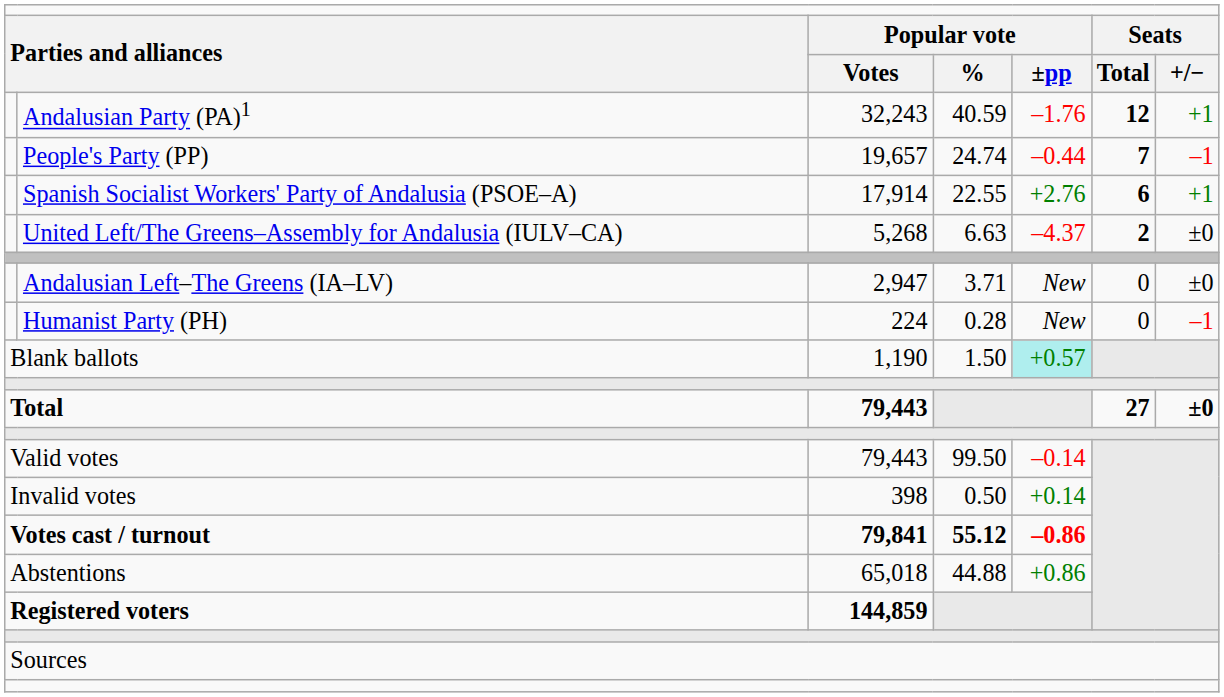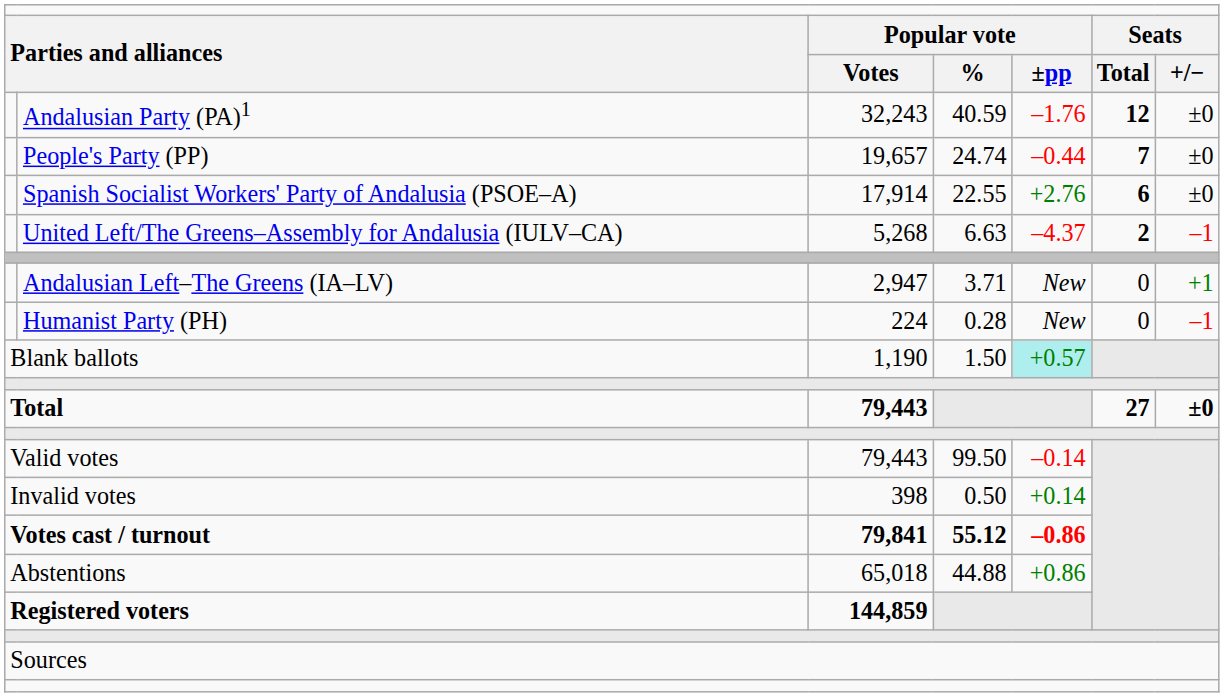 <table class="wikitable" style="text-align:right;">
 <tr>
 <td colspan="7"></td>
 </tr>
 <tr>
 <th style="text-align:left;" rowspan="2" colspan="2" width="525">Parties and alliances</th>
 <th colspan="3">Popular vote</th>
 <th colspan="2">Seats</th>
 </tr>
 <tr>
 <th width="75">Votes</th>
 <th width="45">%</th>
 <th width="45">±<a href='#'>pp</a></th>
 <th width="35">Total</th>
 <th width="35">+/−</th>
 </tr>
 <tr>
 <td width="1" style="color:inherit;background:"></td>
 <td align="left"><a href='#'>Andalusian Party</a> (PA)<sup>1</sup></td>
 <td>32,243</td>
 <td>40.59</td>
 <td style="color:red;">–1.76</td>
 <td><strong>12</strong></td>
-<td style="color:green;">+1</td>
+<td>±0</td>
 </tr>
 <tr>
 <td style="color:inherit;background:"></td>
 <td align="left"><a href='#'>People's Party</a> (PP)</td>
 <td>19,657</td>
 <td>24.74</td>
 <td style="color:red;">–0.44</td>
 <td><strong>7</strong></td>
-<td style="color:red;">–1</td>
+<td>±0</td>
 </tr>
 <tr>
 <td style="color:inherit;background:"></td>
 <td align="left"><a href='#'>Spanish Socialist Workers' Party of Andalusia</a> (PSOE–A)</td>
 <td>17,914</td>
 <td>22.55</td>
 <td style="color:green;">+2.76</td>
 <td><strong>6</strong></td>
-<td style="color:green;">+1</td>
+<td>±0</td>
 </tr>
 <tr>
 <td style="color:inherit;background:"></td>
 <td align="left"><a href='#'>United Left/The Greens–Assembly for Andalusia</a> (IULV–CA)</td>
 <td>5,268</td>
 <td>6.63</td>
 <td style="color:red;">–4.37</td>
 <td><strong>2</strong></td>
-<td>±0</td>
+<td style="color:red;">–1</td>
 </tr>
 <tr>
 <td colspan="7" bgcolor="#C0C0C0"></td>
 </tr>
 <tr>
 <td style="color:inherit;background:"></td>
 <td align="left"><a href='#'>Andalusian Left</a>–<a href='#'>The Greens</a> (IA–LV)</td>
 <td>2,947</td>
 <td>3.71</td>
 <td><em>New</em></td>
 <td>0</td>
-<td>±0</td>
+<td style="color:green;">+1</td>
 </tr>
 <tr>
 <td style="color:inherit;background:"></td>
 <td align="left"><a href='#'>Humanist Party</a> (PH)</td>
 <td>224</td>
 <td>0.28</td>
 <td><em>New</em></td>
 <td>0</td>
 <td style="color:red;">–1</td>
 </tr>
 <tr>
 <td align="left" colspan="2">Blank ballots</td>
 <td>1,190</td>
 <td>1.50</td>
 <td style="background: paleturquoise; color:green;">+0.57</td>
 <td bgcolor="#E9E9E9" colspan="2"></td>
 </tr>
 <tr>
 <td colspan="7" bgcolor="#E9E9E9"></td>
 </tr>
 <tr style="font-weight:bold;">
 <td align="left" colspan="2">Total</td>
 <td>79,443</td>
 <td bgcolor="#E9E9E9" colspan="2"></td>
 <td>27</td>
 <td>±0</td>
 </tr>
 <tr>
 <td colspan="7" bgcolor="#E9E9E9"></td>
 </tr>
 <tr>
 <td align="left" colspan="2">Valid votes</td>
 <td>79,443</td>
 <td>99.50</td>
 <td style="color:red;">–0.14</td>
 <td bgcolor="#E9E9E9" colspan="2" rowspan="5"></td>
 </tr>
 <tr>
 <td align="left" colspan="2">Invalid votes</td>
 <td>398</td>
 <td>0.50</td>
 <td style="color:green;">+0.14</td>
 </tr>
 <tr style="font-weight:bold;">
 <td align="left" colspan="2">Votes cast / turnout</td>
 <td>79,841</td>
 <td>55.12</td>
 <td style="color:red;">–0.86</td>
 </tr>
 <tr>
 <td align="left" colspan="2">Abstentions</td>
 <td>65,018</td>
 <td>44.88</td>
 <td style="color:green;">+0.86</td>
 </tr>
 <tr style="font-weight:bold;">
 <td align="left" colspan="2">Registered voters</td>
 <td>144,859</td>
 <td bgcolor="#E9E9E9" colspan="2"></td>
 </tr>
 <tr>
 <td colspan="7" bgcolor="#E9E9E9"></td>
 </tr>
 <tr>
 <td align="left" colspan="7">Sources</td>
 </tr>
 <tr>
 <td colspan="7" style="text-align:left; max-width:790px;"></td>
 </tr>
 </table>
